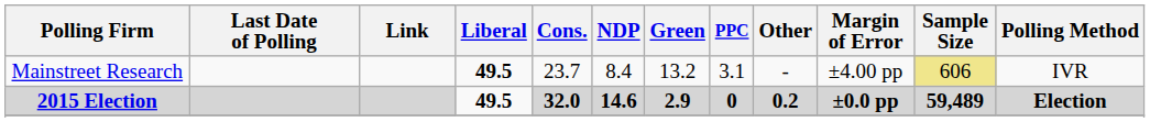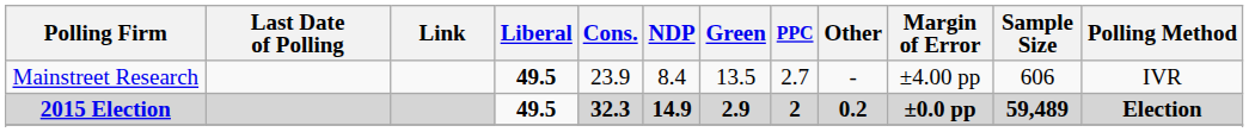 <table class="wikitable sortable" style="text-align:center;font-size:90%;line-height:14px;">
 <tr style="background:#e9e9e9;">
 <th style="width:120px">Polling Firm</th>
 <th style="width:110px">Last Date<br>of Polling</th>
 <th style="width:60px" class="unsortable">Link</th>
 <th style="background-color:"><strong><a href='#'>Liberal</a></strong></th>
 <th style="background-color:"><strong><a href='#'>Cons.</a></strong></th>
 <th style="background-color:"><strong><a href='#'>NDP</a></strong></th>
 <th style="background-color:"><strong><a href='#'>Green</a></strong></th>
 <th style="background-color:"><strong><small><a href='#'>PPC</a></small></strong></th>
 <th style="background-color:"><strong>Other</strong></th>
 <th style="width:60px;" class="unsortable">Margin<br>of Error</th>
 <th style="width:50px;" class="unsortable">Sample<br>Size</th>
 <th class="unsortable">Polling Method</th>
 </tr>
 <tr>
 <td><a href='#'>Mainstreet Research</a></td>
 <td></td>
 <td></td>
 <td><strong>49.5</strong></td>
-<td>23.7</td>
+<td>23.9</td>
 <td>8.4</td>
-<td>13.2</td>
-<td>3.1</td>
+<td>13.5</td>
+<td>2.7</td>
 <td>-</td>
 <td>±4.00 pp</td>
-<td style="background: khaki;">606</td>
+<td>606</td>
 <td>IVR</td>
 </tr>
 <tr>
 <td style="background:#D5D5D5"><strong><a href='#'>2015 Election</a></strong></td>
 <td style="background:#D5D5D5"><strong></strong></td>
 <td style="background:#D5D5D5"></td>
 <td><strong>49.5</strong></td>
-<td style="background:#D5D5D5"><strong>32.0</strong></td>
-<td style="background:#D5D5D5"><strong>14.6</strong></td>
+<td style="background:#D5D5D5"><strong>32.3</strong></td>
+<td style="background:#D5D5D5"><strong>14.9</strong></td>
 <td style="background:#D5D5D5"><strong>2.9</strong></td>
-<td style="background:#D5D5D5"><strong>0</strong></td>
+<td style="background:#D5D5D5"><strong>2</strong></td>
 <td style="background:#D5D5D5"><strong>0.2</strong></td>
 <td style="background:#D5D5D5"><strong>±0.0 pp</strong></td>
 <td style="background:#D5D5D5"><strong>59,489</strong></td>
 <td style="background:#D5D5D5"><strong>Election</strong></td>
 </tr>
 <tr>
 </tr>
 <tr>
 </tr>
 </table>
